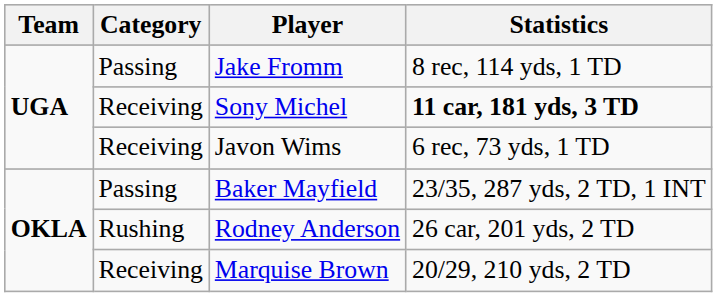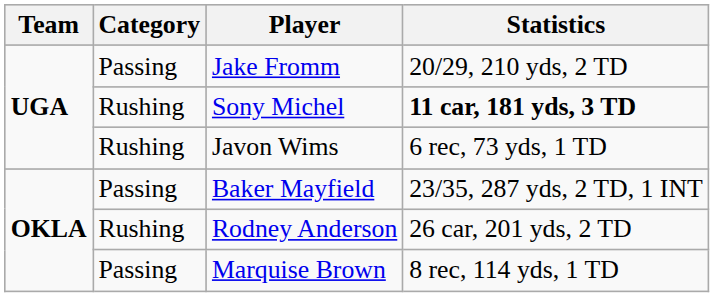 <table class="wikitable">
 <tr>
 <th>Team</th>
 <th>Category</th>
 <th>Player</th>
 <th>Statistics</th>
 </tr>
 <tr>
 <td rowspan="3"><strong>UGA</strong></td>
 <td>Passing</td>
 <td><a href='#'>Jake Fromm</a></td>
-<td>8 rec, 114 yds, 1 TD</td>
+<td>20/29, 210 yds, 2 TD</td>
 </tr>
 <tr>
-<td>Receiving</td>
+<td>Rushing</td>
 <td><a href='#'>Sony Michel</a></td>
 <td><strong>11 car, 181 yds, 3 TD</strong></td>
 </tr>
 <tr>
-<td>Receiving</td>
+<td>Rushing</td>
 <td>Javon Wims</td>
 <td>6 rec, 73 yds, 1 TD</td>
 </tr>
 <tr>
 <td rowspan="3"><strong>OKLA</strong></td>
 <td>Passing</td>
 <td><a href='#'>Baker Mayfield</a></td>
 <td>23/35, 287 yds, 2 TD, 1 INT</td>
 </tr>
 <tr>
 <td>Rushing</td>
 <td><a href='#'>Rodney Anderson</a></td>
 <td>26 car, 201 yds, 2 TD</td>
 </tr>
 <tr>
-<td>Receiving</td>
+<td>Passing</td>
 <td><a href='#'>Marquise Brown</a></td>
-<td>20/29, 210 yds, 2 TD</td>
+<td>8 rec, 114 yds, 1 TD</td>
 </tr>
 </table>
